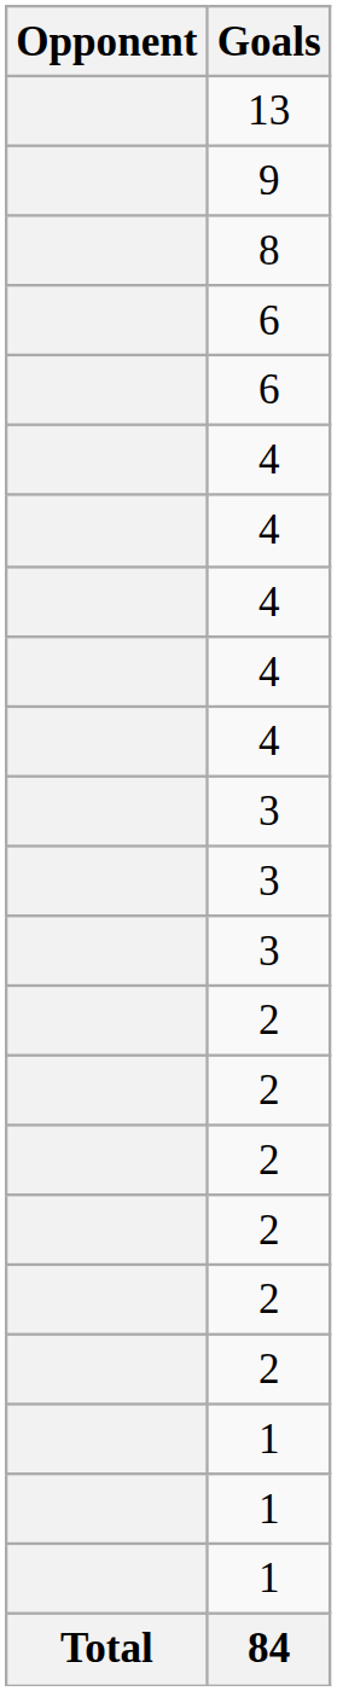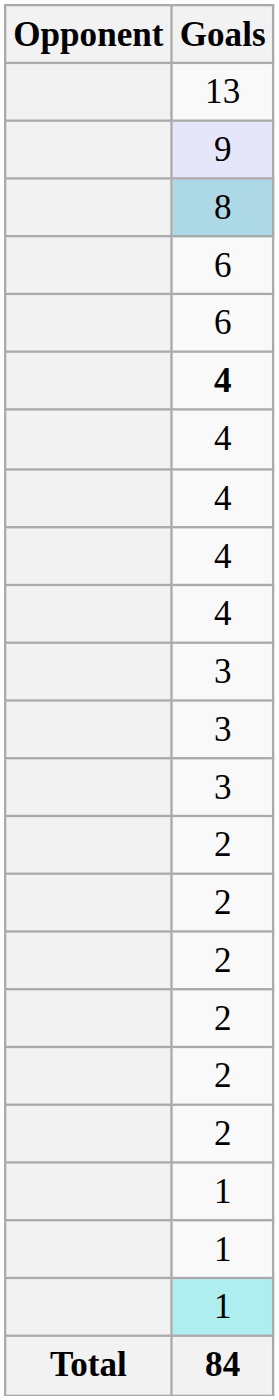 <table class="wikitable plainrowheaders sortable" style="text-align:center; font-size:95%">
 <tr>
 <th scope="col">Opponent</th>
 <th scope="col">Goals</th>
 </tr>
 <tr>
 <th scope="row"></th>
 <td>13</td>
 </tr>
 <tr>
 <th scope="row"></th>
-<td>9</td>
+<td style="background: lavender;">9</td>
 </tr>
 <tr>
 <th scope="row"></th>
-<td>8</td>
+<td style="background: lightblue;">8</td>
 </tr>
 <tr>
 <th scope="row"></th>
 <td>6</td>
 </tr>
 <tr>
 <th scope="row"></th>
 <td>6</td>
 </tr>
 <tr>
 <th scope="row"></th>
-<td>4</td>
+<td><strong>4</strong></td>
 </tr>
 <tr>
 <th scope="row"></th>
 <td>4</td>
 </tr>
 <tr>
 <th scope="row"></th>
 <td>4</td>
 </tr>
 <tr>
 <th scope="row"></th>
 <td>4</td>
 </tr>
 <tr>
 <th scope="row"></th>
 <td>4</td>
 </tr>
 <tr>
 <th scope="row"></th>
 <td>3</td>
 </tr>
 <tr>
 <th scope="row"></th>
 <td>3</td>
 </tr>
 <tr>
 <th scope="row"></th>
 <td>3</td>
 </tr>
 <tr>
 <th scope="row"></th>
 <td>2</td>
 </tr>
 <tr>
 <th scope="row"></th>
 <td>2</td>
 </tr>
 <tr>
 <th scope="row"></th>
 <td>2</td>
 </tr>
 <tr>
 <th scope="row"></th>
 <td>2</td>
 </tr>
 <tr>
 <th scope="row"></th>
 <td>2</td>
 </tr>
 <tr>
 <th scope="row"></th>
 <td>2</td>
 </tr>
 <tr>
 <th scope="row"></th>
 <td>1</td>
 </tr>
 <tr>
 <th scope="row"></th>
 <td>1</td>
 </tr>
 <tr>
 <th scope="row"></th>
-<td>1</td>
+<td style="background: paleturquoise;">1</td>
 </tr>
 <tr>
 <th>Total</th>
 <th>84</th>
 </tr>
 </table>
